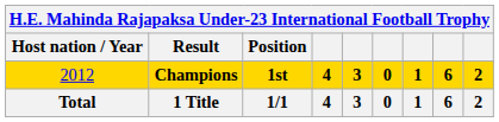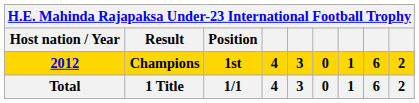 <table class="wikitable" style="text-align: center;font-size:95%;">
 <tr>
 <th colspan=9><a href='#'>H.E. Mahinda Rajapaksa Under-23 International Football Trophy</a></th>
 </tr>
 <tr>
 <th>Host nation / Year</th>
 <th>Result</th>
 <th>Position</th>
 <th width=20></th>
 <th width=20></th>
 <th width=20></th>
 <th width=20></th>
 <th width=20></th>
 <th width=20></th>
 </tr>
 <tr style="background:gold;">
-<td> <a href='#'>2012</a></td>
+<td><strong> <a href='#'>2012</a></strong></td>
 <td><strong>Champions</strong></td>
 <td><strong>1st</strong></td>
 <td><strong>4</strong></td>
 <td><strong>3</strong></td>
 <td><strong>0</strong></td>
 <td><strong>1</strong></td>
 <td><strong>6</strong></td>
 <td><strong>2</strong></td>
 </tr>
 <tr>
 <th>Total</th>
 <th>1 Title</th>
 <th>1/1</th>
 <th>4</th>
 <th>3</th>
 <th>0</th>
 <th>1</th>
 <th>6</th>
 <th>2</th>
 </tr>
 </table>
